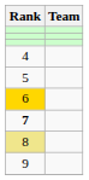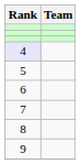 <table class="wikitable" style="text-align:center;">
 <tr>
 <th width=40>Rank</th>
 <th>Team</th>
 </tr>
 <tr bgcolor=#ccffcc>
 <td></td>
 <td style="text-align:left;"></td>
 </tr>
 <tr bgcolor=#ccffcc>
 <td></td>
 <td style="text-align:left;"></td>
 </tr>
 <tr bgcolor=#ccffcc>
 <td></td>
 <td style="text-align:left;"></td>
 </tr>
 <tr>
-<td>4</td>
+<td style="background: lavender;">4</td>
 <td style="text-align:left;"></td>
 </tr>
 <tr>
 <td>5</td>
 <td style="text-align:left;"></td>
 </tr>
 <tr>
-<td style="background: gold;">6</td>
+<td>6</td>
 <td style="text-align:left;"></td>
 </tr>
 <tr>
-<td><strong>7</strong></td>
+<td>7</td>
 <td style="text-align:left;"></td>
 </tr>
 <tr>
-<td style="background: khaki;">8</td>
+<td>8</td>
 <td style="text-align:left;"></td>
 </tr>
 <tr>
 <td>9</td>
 <td style="text-align:left;"></td>
 </tr>
 <tr>
 </tr>
 </table>
